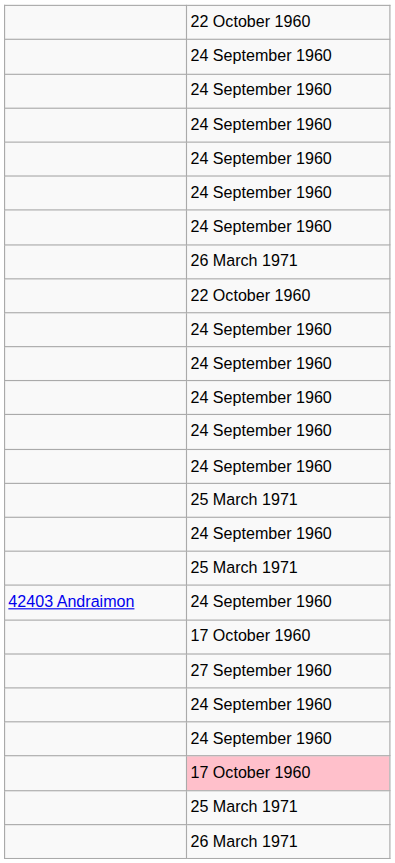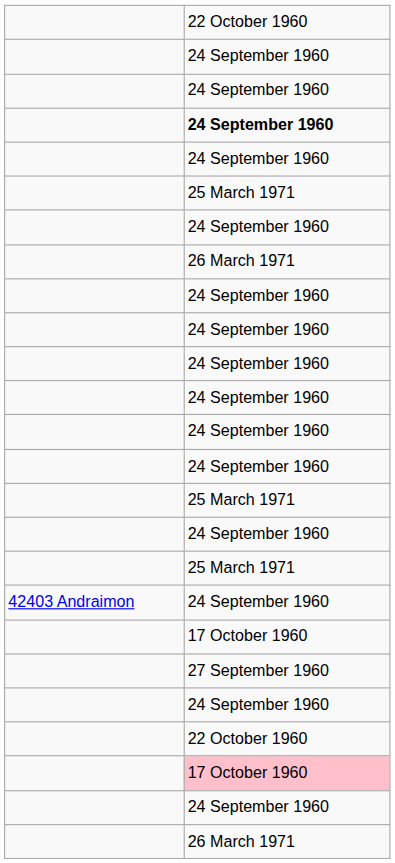 <table class="wikitable" style="font-size: 89%; float: left; width: 24em; margin-right: 1em; line-height: 1.65em">
 <tr>
 <td></td>
 <td>22 October 1960</td>
 </tr>
 <tr>
 <td></td>
 <td>24 September 1960</td>
 </tr>
 <tr>
 <td></td>
 <td>24 September 1960</td>
 </tr>
 <tr>
 <td></td>
-<td>24 September 1960</td>
+<td><strong>24 September 1960</strong></td>
 </tr>
 <tr>
 <td></td>
 <td>24 September 1960</td>
 </tr>
 <tr>
 <td></td>
-<td>24 September 1960</td>
+<td>25 March 1971</td>
 </tr>
 <tr>
 <td></td>
 <td>24 September 1960</td>
 </tr>
 <tr>
 <td></td>
 <td>26 March 1971</td>
 </tr>
 <tr>
 <td></td>
-<td>22 October 1960</td>
+<td>24 September 1960</td>
 </tr>
 <tr>
 <td></td>
 <td>24 September 1960</td>
 </tr>
 <tr>
 <td></td>
 <td>24 September 1960</td>
 </tr>
 <tr>
 <td></td>
 <td>24 September 1960</td>
 </tr>
 <tr>
 <td></td>
 <td>24 September 1960</td>
 </tr>
 <tr>
 <td></td>
 <td>24 September 1960</td>
 </tr>
 <tr>
 <td></td>
 <td>25 March 1971</td>
 </tr>
 <tr>
 <td></td>
 <td>24 September 1960</td>
 </tr>
 <tr>
 <td></td>
 <td>25 March 1971</td>
 </tr>
 <tr>
 <td><a href='#'>42403 Andraimon</a></td>
 <td>24 September 1960</td>
 </tr>
 <tr>
 <td></td>
 <td>17 October 1960</td>
 </tr>
 <tr>
 <td></td>
 <td>27 September 1960</td>
 </tr>
 <tr>
 <td></td>
 <td>24 September 1960</td>
 </tr>
 <tr>
 <td></td>
-<td>24 September 1960</td>
+<td>22 October 1960</td>
 </tr>
 <tr>
 <td></td>
 <td style="background: pink;">17 October 1960</td>
 </tr>
 <tr>
 <td></td>
-<td>25 March 1971</td>
+<td>24 September 1960</td>
 </tr>
 <tr>
 <td></td>
 <td>26 March 1971</td>
 </tr>
 </table>
